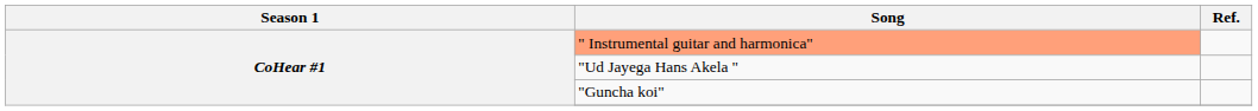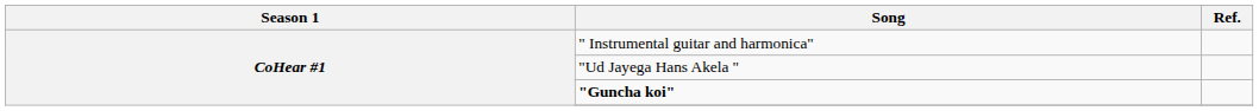 <table class="wikitable plainrowheaders" width="100%" "textcolor:#000;">
 <tr>
 <th scope="col" width=20%><strong>Season 1</strong></th>
 <th scope="col" width=22%><strong>Song</strong></th>
 <th scope="col" width=1%><strong>Ref.</strong></th>
 </tr>
 <tr>
 <th rowspan="6"><em>CoHear #1</em></th>
-<td style="background: lightsalmon;">" Instrumental guitar and harmonica"</td>
+<td>" Instrumental guitar and harmonica"</td>
 <td></td>
 </tr>
 <tr>
 <td>"Ud Jayega Hans Akela "</td>
 <td></td>
 </tr>
 <tr>
-<td>"Guncha koi"</td>
+<td><strong>"Guncha koi"</strong></td>
 <td></td>
 </tr>
 <tr>
 </tr>
 </table>
